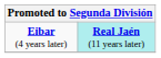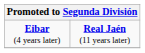 <table class="wikitable" style="text-align: center; margin: 0 auto;">
 <tr>
 <th colspan=9>Promoted to <a href='#'>Segunda División</a></th>
 </tr>
 <tr>
 <td><strong><a href='#'>Eibar</a></strong><br><small>(4 years later)</small></td>
-<td style="background: paleturquoise;"><strong><a href='#'>Real Jaén</a></strong><br><small>(11 years later)</small></td>
+<td><strong><a href='#'>Real Jaén</a></strong><br><small>(11 years later)</small></td>
 </tr>
 <tr>
 </tr>
 </table>
